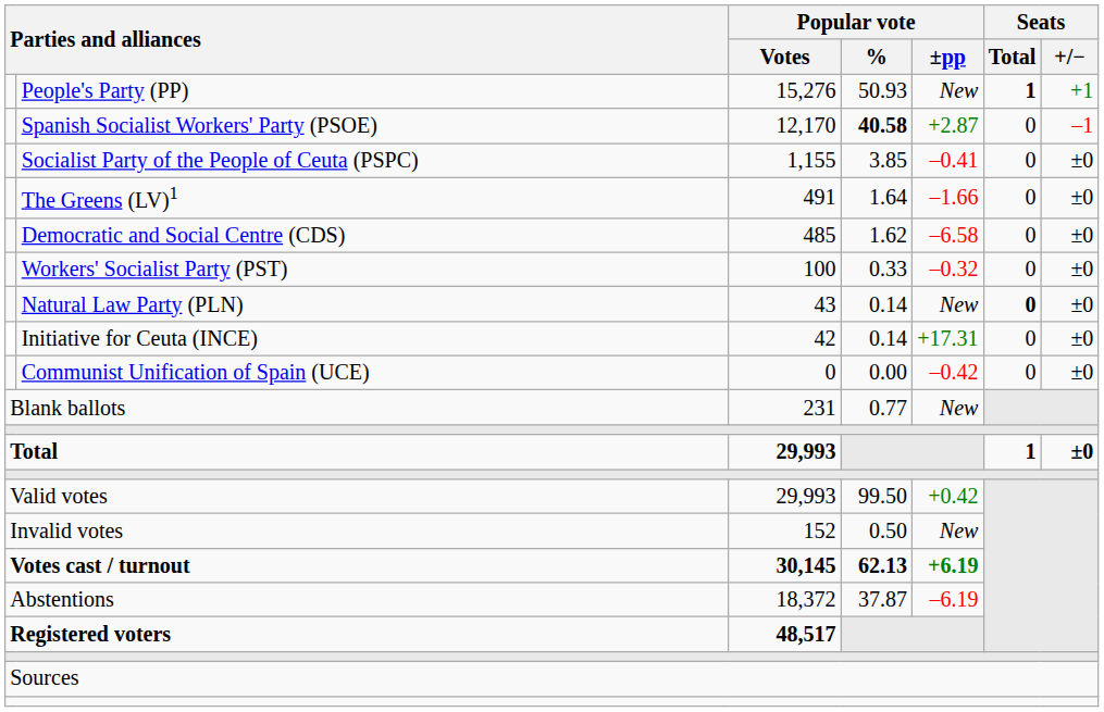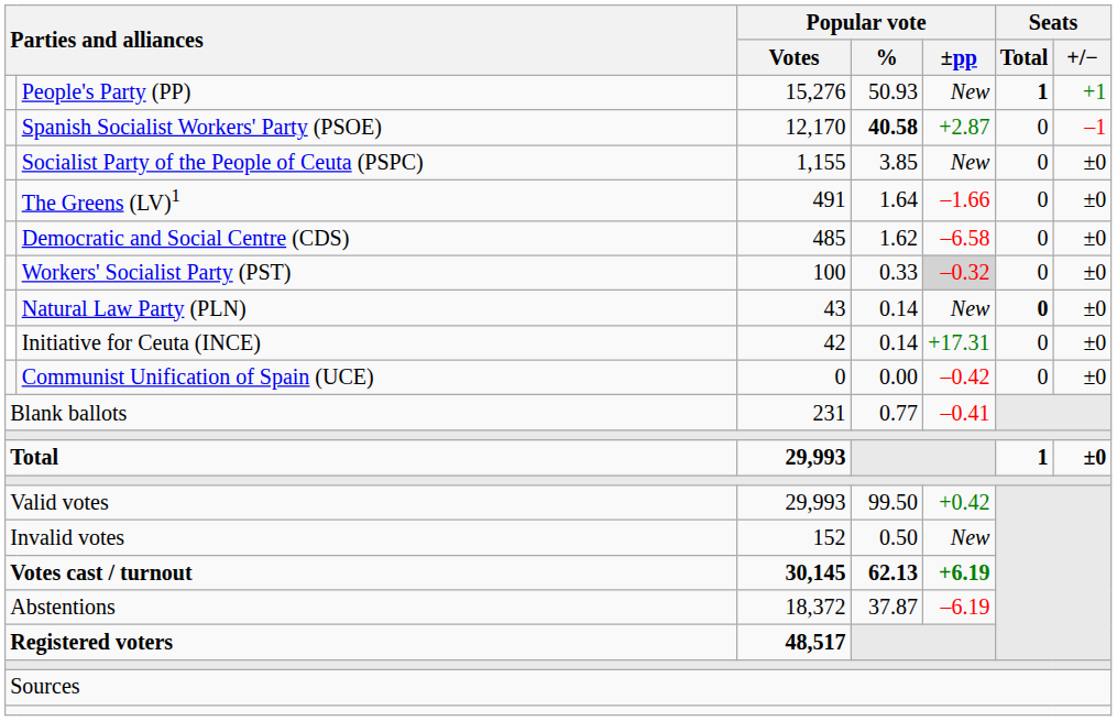 <table class="wikitable" style="text-align:right;">
 <tr>
 <th style="text-align:left;" rowspan="2" colspan="2" width="525">Parties and alliances</th>
 <th colspan="3">Popular vote</th>
 <th colspan="2">Seats</th>
 </tr>
 <tr>
 <th width="75">Votes</th>
 <th width="45">%</th>
 <th width="45">±<a href='#'>pp</a></th>
 <th width="35">Total</th>
 <th width="35">+/−</th>
 </tr>
 <tr>
 <td width="1" style="color:inherit;background:"></td>
 <td align="left"><a href='#'>People's Party</a> (PP)</td>
 <td>15,276</td>
 <td>50.93</td>
 <td><em>New</em></td>
 <td><strong>1</strong></td>
 <td style="color:green;">+1</td>
 </tr>
 <tr>
 <td style="color:inherit;background:"></td>
 <td align="left"><a href='#'>Spanish Socialist Workers' Party</a> (PSOE)</td>
 <td>12,170</td>
 <td><strong>40.58</strong></td>
 <td style="color:green;">+2.87</td>
 <td>0</td>
 <td style="color:red;">–1</td>
 </tr>
 <tr>
 <td style="color:inherit;background:"></td>
 <td align="left"><a href='#'>Socialist Party of the People of Ceuta</a> (PSPC)</td>
 <td>1,155</td>
 <td>3.85</td>
-<td style="color:red;">–0.41</td>
+<td><em>New</em></td>
 <td>0</td>
 <td>±0</td>
 </tr>
 <tr>
 <td style="color:inherit;background:"></td>
 <td align="left"><a href='#'>The Greens</a> (LV)<sup>1</sup></td>
 <td>491</td>
 <td>1.64</td>
 <td style="color:red;">–1.66</td>
 <td>0</td>
 <td>±0</td>
 </tr>
 <tr>
 <td style="color:inherit;background:"></td>
 <td align="left"><a href='#'>Democratic and Social Centre</a> (CDS)</td>
 <td>485</td>
 <td>1.62</td>
 <td style="color:red;">–6.58</td>
 <td>0</td>
 <td>±0</td>
 </tr>
 <tr>
 <td style="color:inherit;background:"></td>
 <td align="left"><a href='#'>Workers' Socialist Party</a> (PST)</td>
 <td>100</td>
 <td>0.33</td>
-<td style="color:red;">–0.32</td>
+<td style="background: lightgrey; color:red;">–0.32</td>
 <td>0</td>
 <td>±0</td>
 </tr>
 <tr>
 <td style="color:inherit;background:"></td>
 <td align="left"><a href='#'>Natural Law Party</a> (PLN)</td>
 <td>43</td>
 <td>0.14</td>
 <td><em>New</em></td>
 <td><strong>0</strong></td>
 <td>±0</td>
 </tr>
 <tr>
 <td bgcolor="white"></td>
 <td align="left">Initiative for Ceuta (INCE)</td>
 <td>42</td>
 <td>0.14</td>
 <td style="color:green;">+17.31</td>
 <td>0</td>
 <td>±0</td>
 </tr>
 <tr>
 <td style="color:inherit;background:"></td>
 <td align="left"><a href='#'>Communist Unification of Spain</a> (UCE)</td>
 <td>0</td>
 <td>0.00</td>
 <td style="color:red;">–0.42</td>
 <td>0</td>
 <td>±0</td>
 </tr>
 <tr>
 <td align="left" colspan="2">Blank ballots</td>
 <td>231</td>
 <td>0.77</td>
-<td><em>New</em></td>
+<td style="color:red;">–0.41</td>
 <td bgcolor="#E9E9E9" colspan="2"></td>
 </tr>
 <tr>
 <td colspan="7" bgcolor="#E9E9E9"></td>
 </tr>
 <tr style="font-weight:bold;">
 <td align="left" colspan="2">Total</td>
 <td>29,993</td>
 <td bgcolor="#E9E9E9" colspan="2"></td>
 <td>1</td>
 <td>±0</td>
 </tr>
 <tr>
 <td colspan="7" bgcolor="#E9E9E9"></td>
 </tr>
 <tr>
 <td align="left" colspan="2">Valid votes</td>
 <td>29,993</td>
 <td>99.50</td>
 <td style="color:green;">+0.42</td>
 <td bgcolor="#E9E9E9" colspan="2" rowspan="5"></td>
 </tr>
 <tr>
 <td align="left" colspan="2">Invalid votes</td>
 <td>152</td>
 <td>0.50</td>
 <td><em>New</em></td>
 </tr>
 <tr style="font-weight:bold;">
 <td align="left" colspan="2">Votes cast / turnout</td>
 <td>30,145</td>
 <td>62.13</td>
 <td style="color:green;">+6.19</td>
 </tr>
 <tr>
 <td align="left" colspan="2">Abstentions</td>
 <td>18,372</td>
 <td>37.87</td>
 <td style="color:red;">–6.19</td>
 </tr>
 <tr style="font-weight:bold;">
 <td align="left" colspan="2">Registered voters</td>
 <td>48,517</td>
 <td bgcolor="#E9E9E9" colspan="2"></td>
 </tr>
 <tr>
 <td colspan="7" bgcolor="#E9E9E9"></td>
 </tr>
 <tr>
 <td align="left" colspan="7">Sources</td>
 </tr>
 <tr>
 <td colspan="7" style="text-align:left; max-width:790px;"></td>
 </tr>
 </table>
